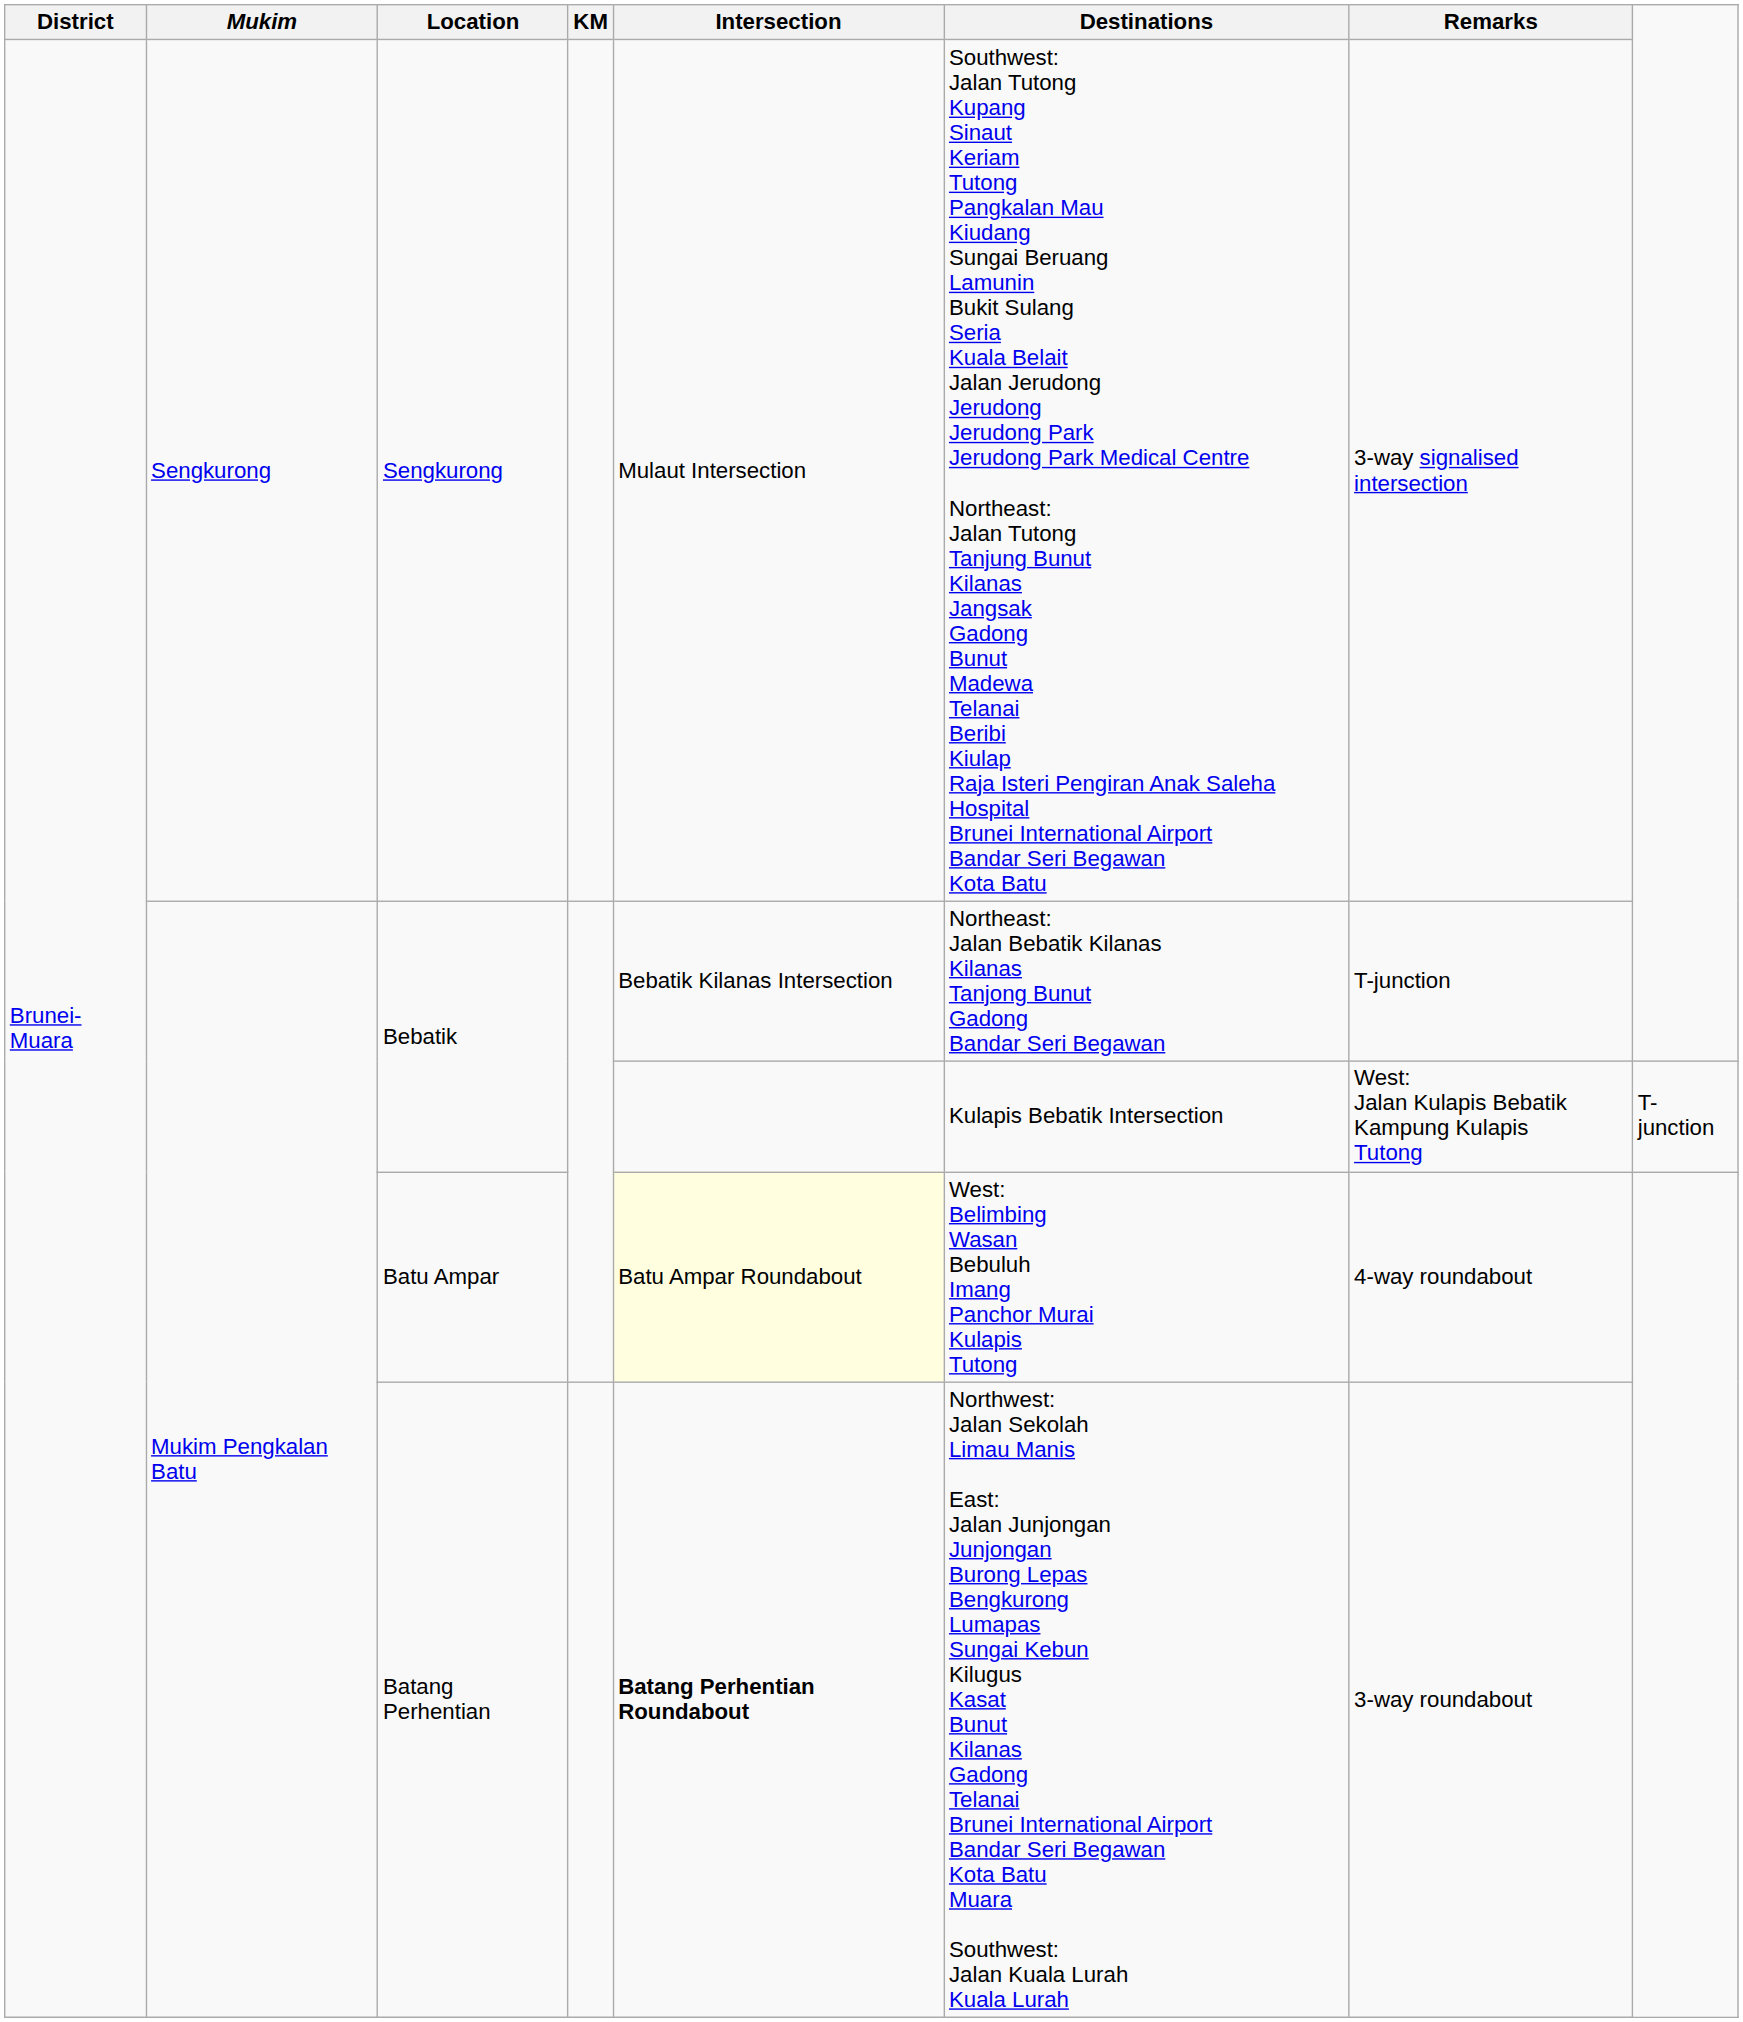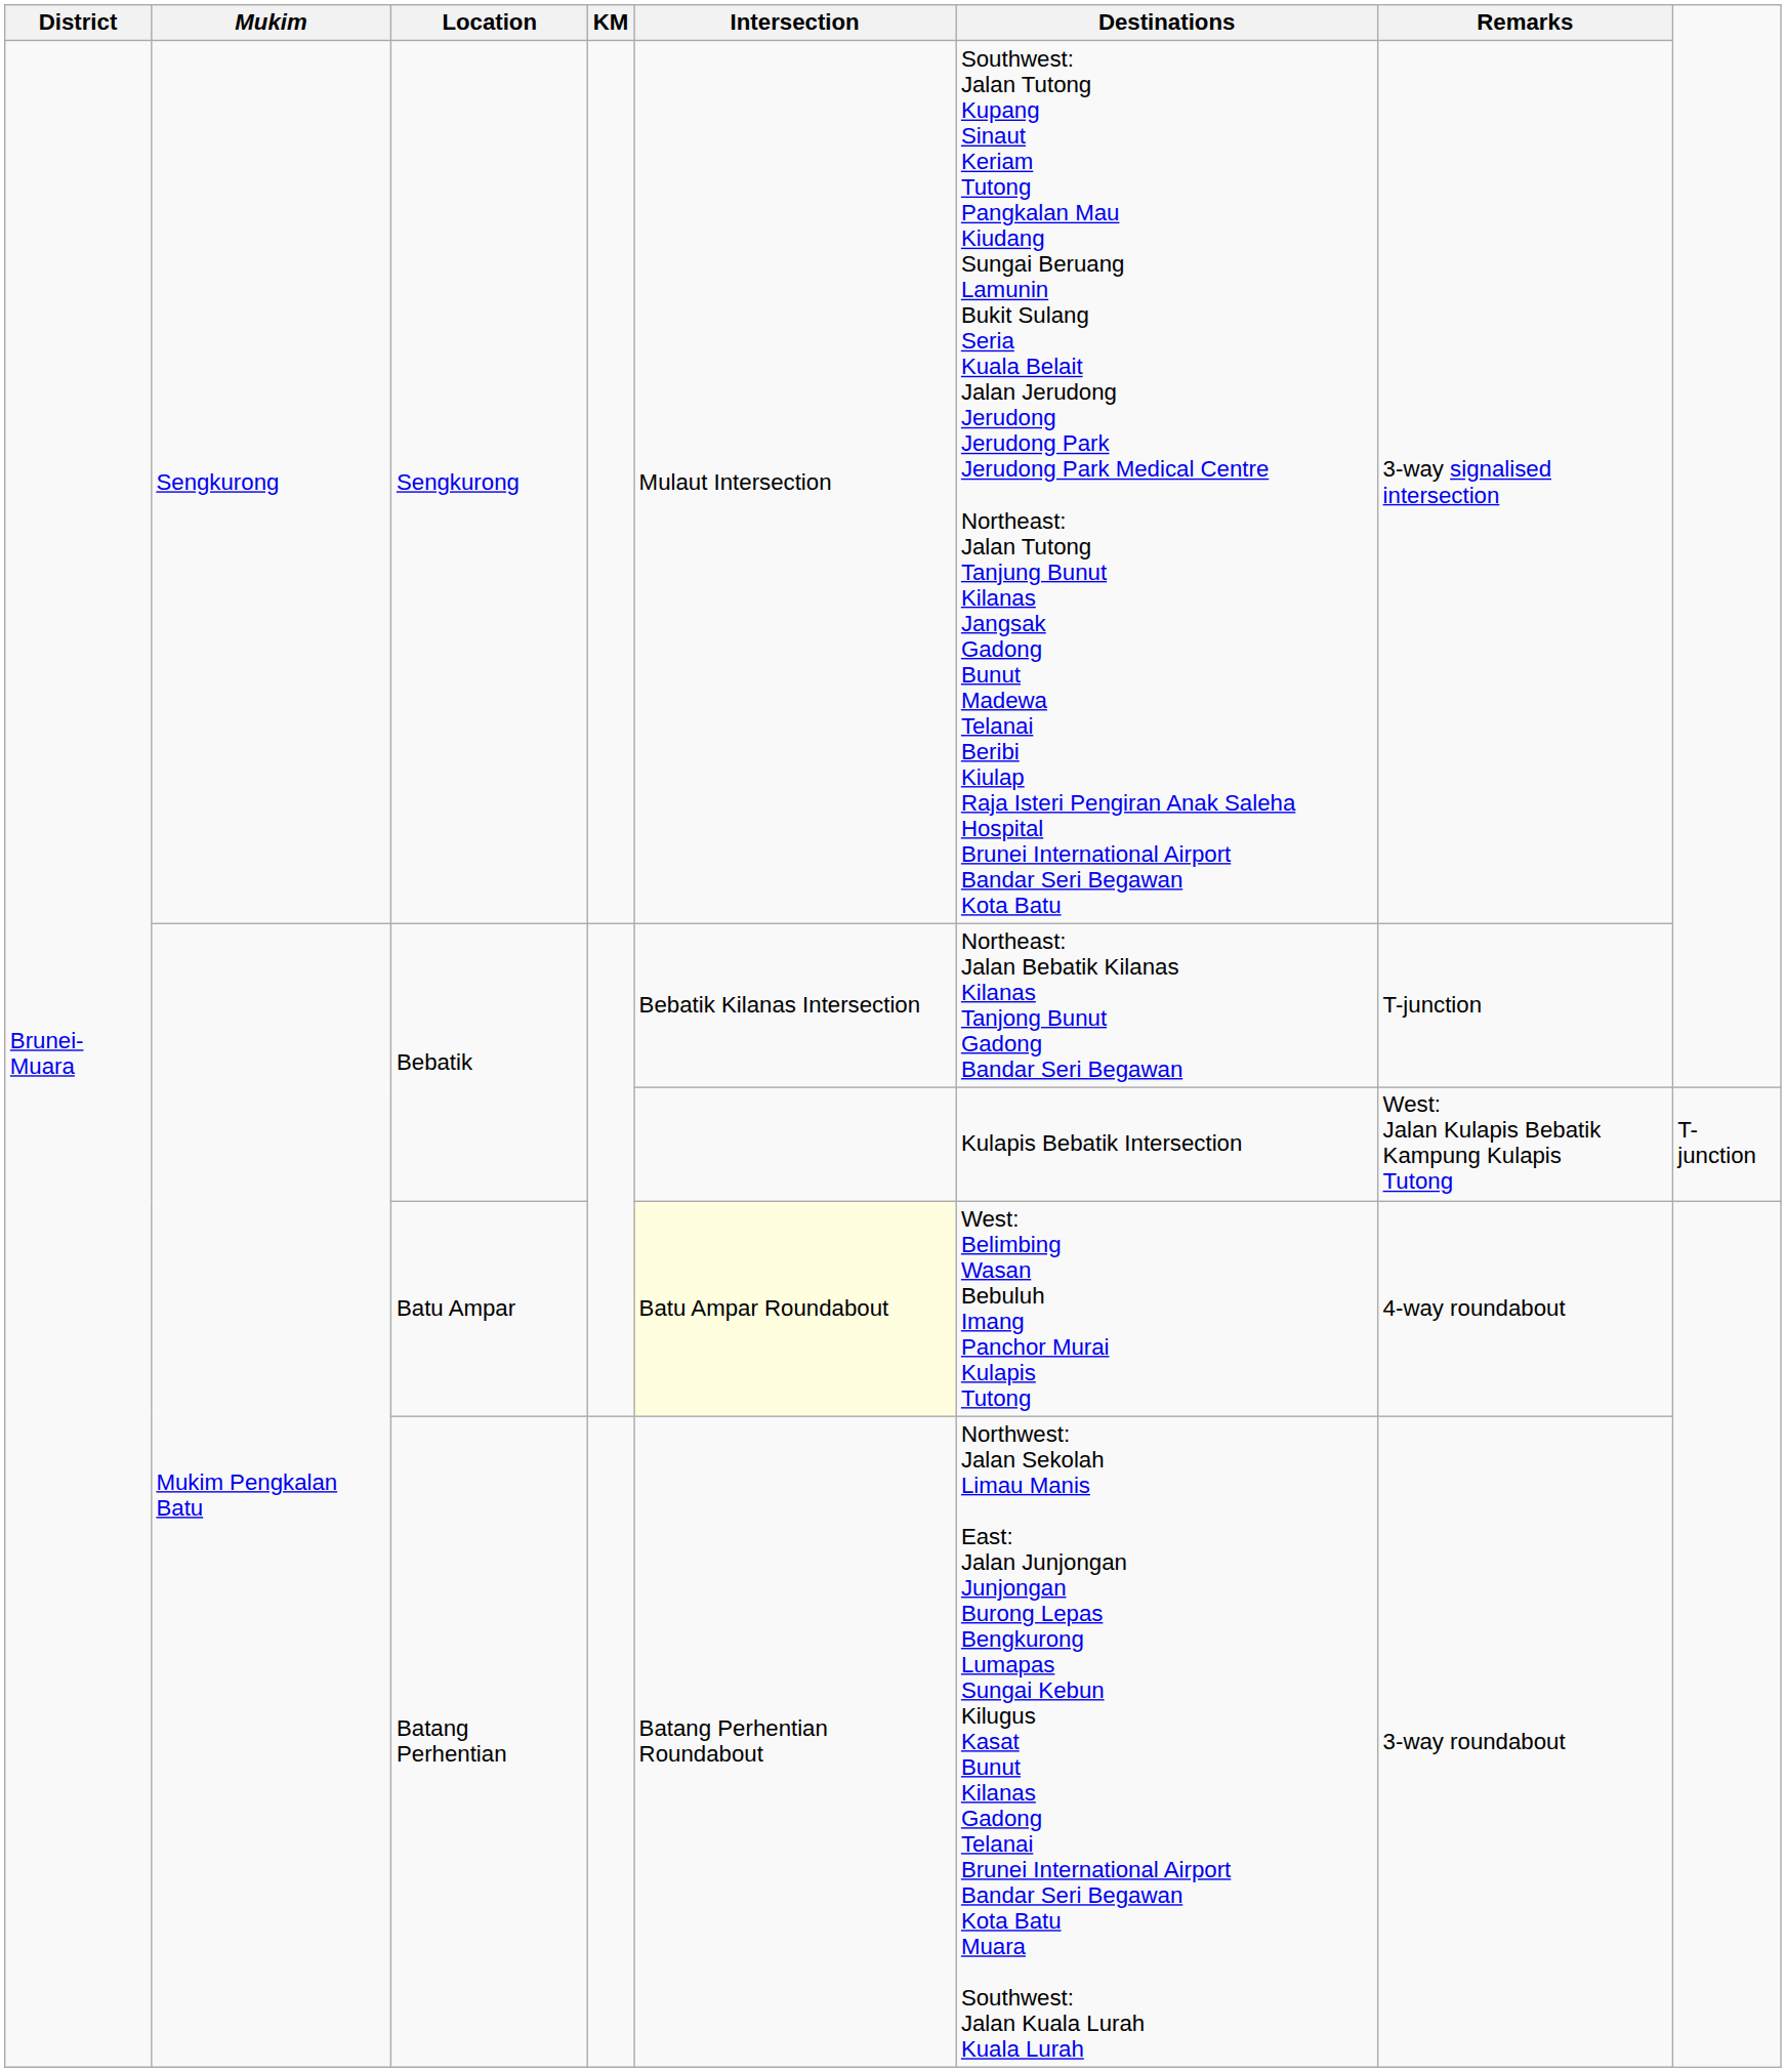 <table class="wikitable">
 <tr>
 <th>District</th>
 <th><em>Mukim</em></th>
 <th>Location</th>
 <th>KM</th>
 <th>Intersection</th>
 <th>Destinations</th>
 <th>Remarks</th>
 </tr>
 <tr>
 <td rowspan="5"><a href='#'>Brunei-Muara</a></td>
 <td><a href='#'>Sengkurong</a></td>
 <td><a href='#'>Sengkurong</a></td>
 <td></td>
 <td>Mulaut Intersection</td>
 <td>Southwest:<br> Jalan Tutong<br><a href='#'>Kupang</a><br><a href='#'>Sinaut</a><br><a href='#'>Keriam</a><br><a href='#'>Tutong</a><br><a href='#'>Pangkalan Mau</a><br><a href='#'>Kiudang</a><br>Sungai Beruang<br><a href='#'>Lamunin</a><br>Bukit Sulang<br><a href='#'>Seria</a><br><a href='#'>Kuala Belait</a><br> Jalan Jerudong<br><a href='#'>Jerudong</a><br><a href='#'>Jerudong Park</a><br><a href='#'>Jerudong Park Medical Centre</a><br><br>Northeast:<br>Jalan Tutong<br><a href='#'>Tanjung Bunut</a><br><a href='#'>Kilanas</a><br><a href='#'>Jangsak</a><br><a href='#'>Gadong</a><br><a href='#'>Bunut</a><br><a href='#'>Madewa</a><br><a href='#'>Telanai</a><br><a href='#'>Beribi</a><br><a href='#'>Kiulap</a><br><a href='#'>Raja Isteri Pengiran Anak Saleha Hospital</a> <br><a href='#'>Brunei International Airport</a> <br><a href='#'>Bandar Seri Begawan</a><br><a href='#'>Kota Batu</a></td>
 <td>3-way <a href='#'>signalised</a> <a href='#'>intersection</a></td>
 </tr>
 <tr>
 <td rowspan="4"><a href='#'>Mukim Pengkalan Batu</a></td>
 <td rowspan="2">Bebatik</td>
 <td rowspan="3"></td>
 <td>Bebatik Kilanas Intersection</td>
 <td>Northeast:<br>Jalan Bebatik Kilanas<br><a href='#'>Kilanas</a><br><a href='#'>Tanjong Bunut</a><br><a href='#'>Gadong</a><br><a href='#'>Bandar Seri Begawan</a></td>
 <td>T-junction</td>
 </tr>
 <tr>
 <td></td>
 <td>Kulapis Bebatik Intersection</td>
 <td>West:<br>Jalan Kulapis Bebatik<br>Kampung Kulapis<br><a href='#'>Tutong</a></td>
 <td>T-junction</td>
 </tr>
 <tr>
 <td>Batu Ampar</td>
 <td style="background: lightyellow;">Batu Ampar Roundabout</td>
 <td>West:<br><a href='#'>Belimbing</a><br><a href='#'>Wasan</a><br>Bebuluh<br><a href='#'>Imang</a><br><a href='#'>Panchor Murai</a><br><a href='#'>Kulapis</a><br><a href='#'>Tutong</a></td>
 <td>4-way roundabout</td>
 </tr>
 <tr>
 <td>Batang Perhentian</td>
 <td></td>
-<td><strong>Batang Perhentian Roundabout</strong></td>
+<td>Batang Perhentian Roundabout</td>
 <td>Northwest:<br>Jalan Sekolah<br><a href='#'>Limau Manis</a><br><br>East:<br>Jalan Junjongan<br><a href='#'>Junjongan</a><br><a href='#'>Burong Lepas</a><br><a href='#'>Bengkurong</a><br><a href='#'>Lumapas</a><br><a href='#'>Sungai Kebun</a><br>Kilugus<br><a href='#'>Kasat</a><br><a href='#'>Bunut</a><br><a href='#'>Kilanas</a><br><a href='#'>Gadong</a><br><a href='#'>Telanai</a><br><a href='#'>Brunei International Airport</a> <br><a href='#'>Bandar Seri Begawan</a><br><a href='#'>Kota Batu</a><br><a href='#'>Muara</a><br><br>Southwest:<br> Jalan Kuala Lurah<br><a href='#'>Kuala Lurah</a></td>
 <td>3-way roundabout</td>
 </tr>
 <tr>
 </tr>
 </table>
